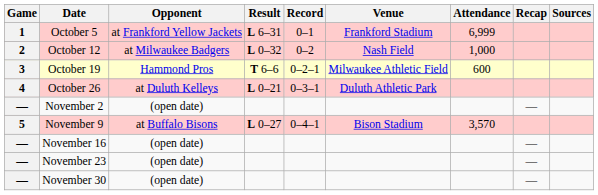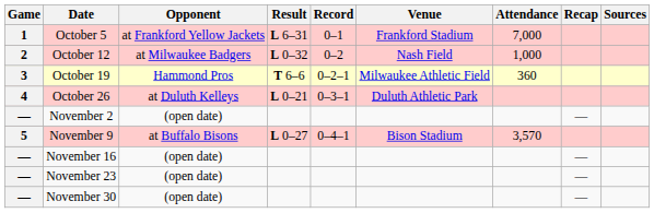 <table class="wikitable" style="text-align:center">
 <tr>
 <th>Game</th>
 <th>Date</th>
 <th>Opponent</th>
 <th>Result</th>
 <th>Record</th>
 <th>Venue</th>
 <th>Attendance</th>
 <th>Recap</th>
 <th>Sources</th>
 </tr>
 <tr style="background:#fcc">
 <th>1</th>
 <td>October 5</td>
 <td>at <a href='#'>Frankford Yellow Jackets</a></td>
 <td><strong>L</strong> 6–31</td>
 <td>0–1</td>
 <td><a href='#'>Frankford Stadium</a></td>
-<td>6,999</td>
+<td>7,000</td>
 <td></td>
 <td></td>
 </tr>
 <tr style="background:#fcc">
 <th>2</th>
 <td>October 12</td>
 <td>at <a href='#'>Milwaukee Badgers</a></td>
 <td><strong>L</strong> 0–32</td>
 <td>0–2</td>
 <td><a href='#'>Nash Field</a></td>
 <td>1,000</td>
 <td></td>
 <td></td>
 </tr>
 <tr style="background:#ffc">
 <th>3</th>
 <td>October 19</td>
 <td><a href='#'>Hammond Pros</a></td>
 <td><strong>T</strong> 6–6</td>
 <td>0–2–1</td>
 <td><a href='#'>Milwaukee Athletic Field</a></td>
-<td>600</td>
+<td>360</td>
 <td></td>
 <td></td>
 </tr>
 <tr style="background:#fcc">
 <th>4</th>
 <td>October 26</td>
 <td>at <a href='#'>Duluth Kelleys</a></td>
 <td><strong>L</strong> 0–21</td>
 <td>0–3–1</td>
 <td><a href='#'>Duluth Athletic Park</a></td>
 <td></td>
 <td></td>
 <td></td>
 </tr>
 <tr>
 <th>—</th>
 <td>November 2</td>
 <td>(open date)</td>
 <td></td>
 <td></td>
 <td></td>
 <td></td>
 <td>—</td>
 <td></td>
 </tr>
 <tr style="background:#fcc">
 <th>5</th>
 <td>November 9</td>
 <td>at <a href='#'>Buffalo Bisons</a></td>
 <td><strong>L</strong> 0–27</td>
 <td>0–4–1</td>
 <td><a href='#'>Bison Stadium</a></td>
 <td>3,570</td>
 <td></td>
 <td></td>
 </tr>
 <tr>
 <th>—</th>
 <td>November 16</td>
 <td>(open date)</td>
 <td></td>
 <td></td>
 <td></td>
 <td></td>
 <td>—</td>
 <td></td>
 </tr>
 <tr>
 <th>—</th>
 <td>November 23</td>
 <td>(open date)</td>
 <td></td>
 <td></td>
 <td></td>
 <td></td>
 <td>—</td>
 <td></td>
 </tr>
 <tr>
 <th>—</th>
 <td>November 30</td>
 <td>(open date)</td>
 <td></td>
 <td></td>
 <td></td>
 <td></td>
 <td>—</td>
 <td></td>
 </tr>
 </table>
